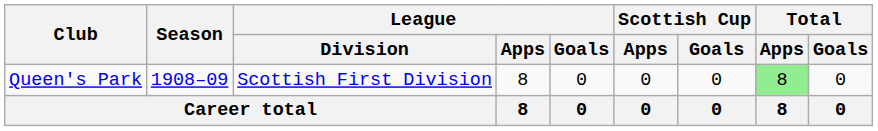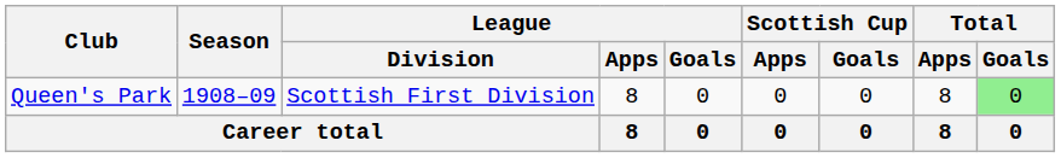 <table class="wikitable" style="text-align: center;">
 <tr>
 <th rowspan="2">Club</th>
 <th rowspan="2">Season</th>
 <th colspan="3">League</th>
 <th colspan="2">Scottish Cup</th>
 <th colspan="2">Total</th>
 </tr>
 <tr>
 <th>Division</th>
 <th>Apps</th>
 <th>Goals</th>
 <th>Apps</th>
 <th>Goals</th>
 <th>Apps</th>
 <th>Goals</th>
 </tr>
 <tr>
 <td><a href='#'>Queen's Park</a></td>
 <td><a href='#'>1908–09</a></td>
 <td><a href='#'>Scottish First Division</a></td>
 <td>8</td>
 <td>0</td>
 <td>0</td>
 <td>0</td>
-<td style="background: lightgreen;">8</td>
-<td>0</td>
+<td>8</td>
+<td style="background: lightgreen;">0</td>
 </tr>
 <tr>
 <th colspan="3">Career total</th>
 <th>8</th>
 <th>0</th>
 <th>0</th>
 <th>0</th>
 <th>8</th>
 <th>0</th>
 </tr>
 </table>
